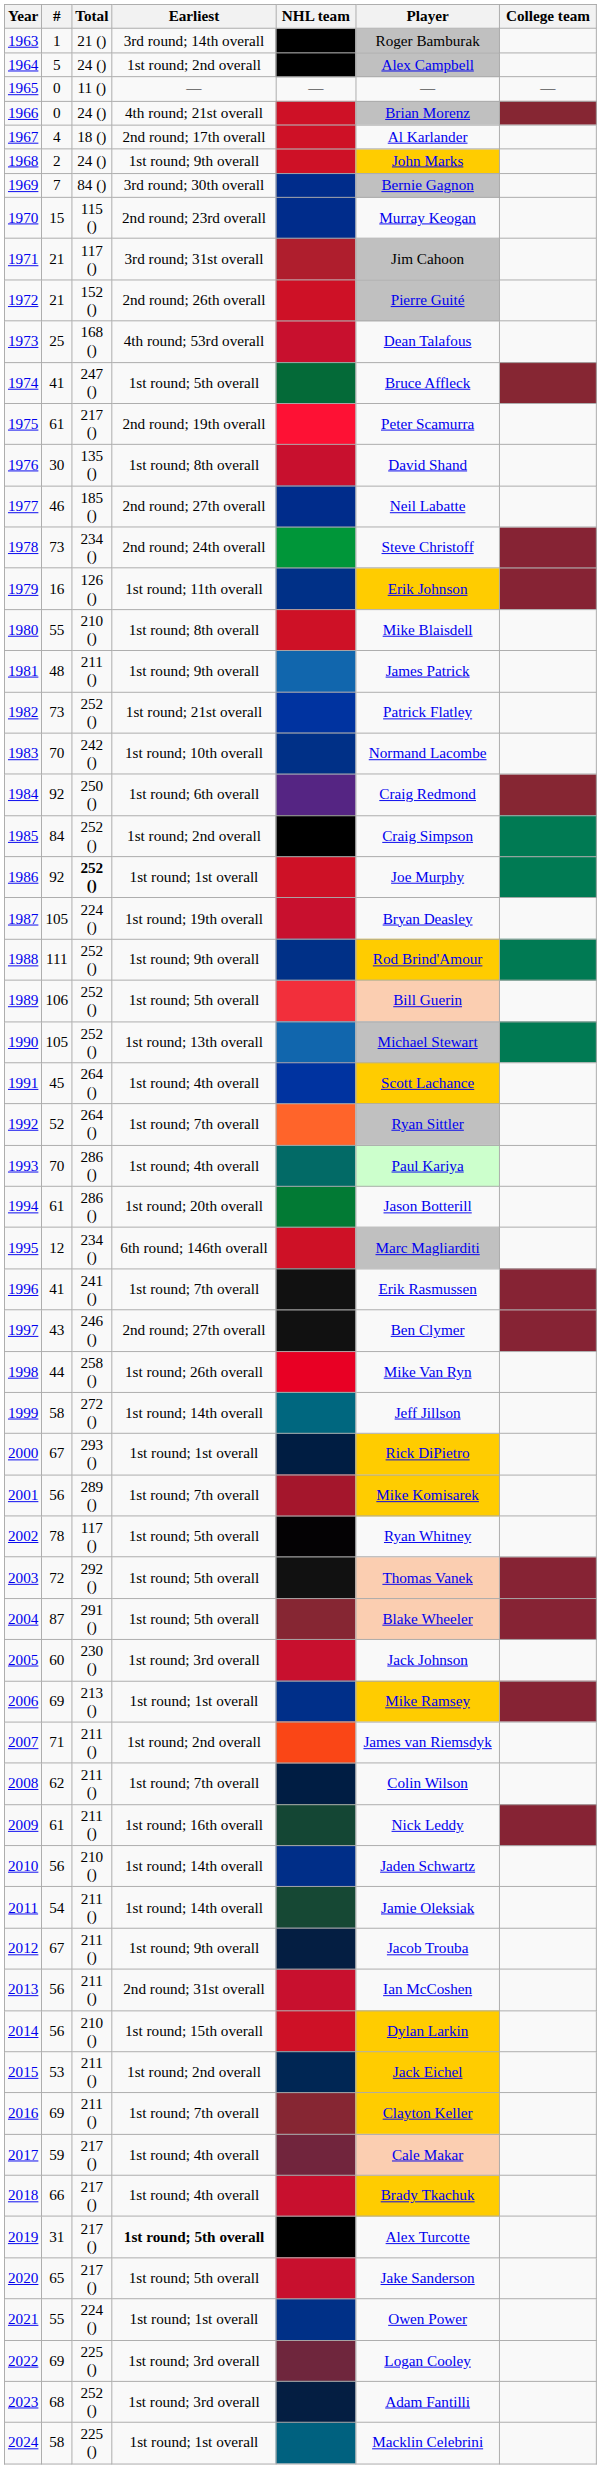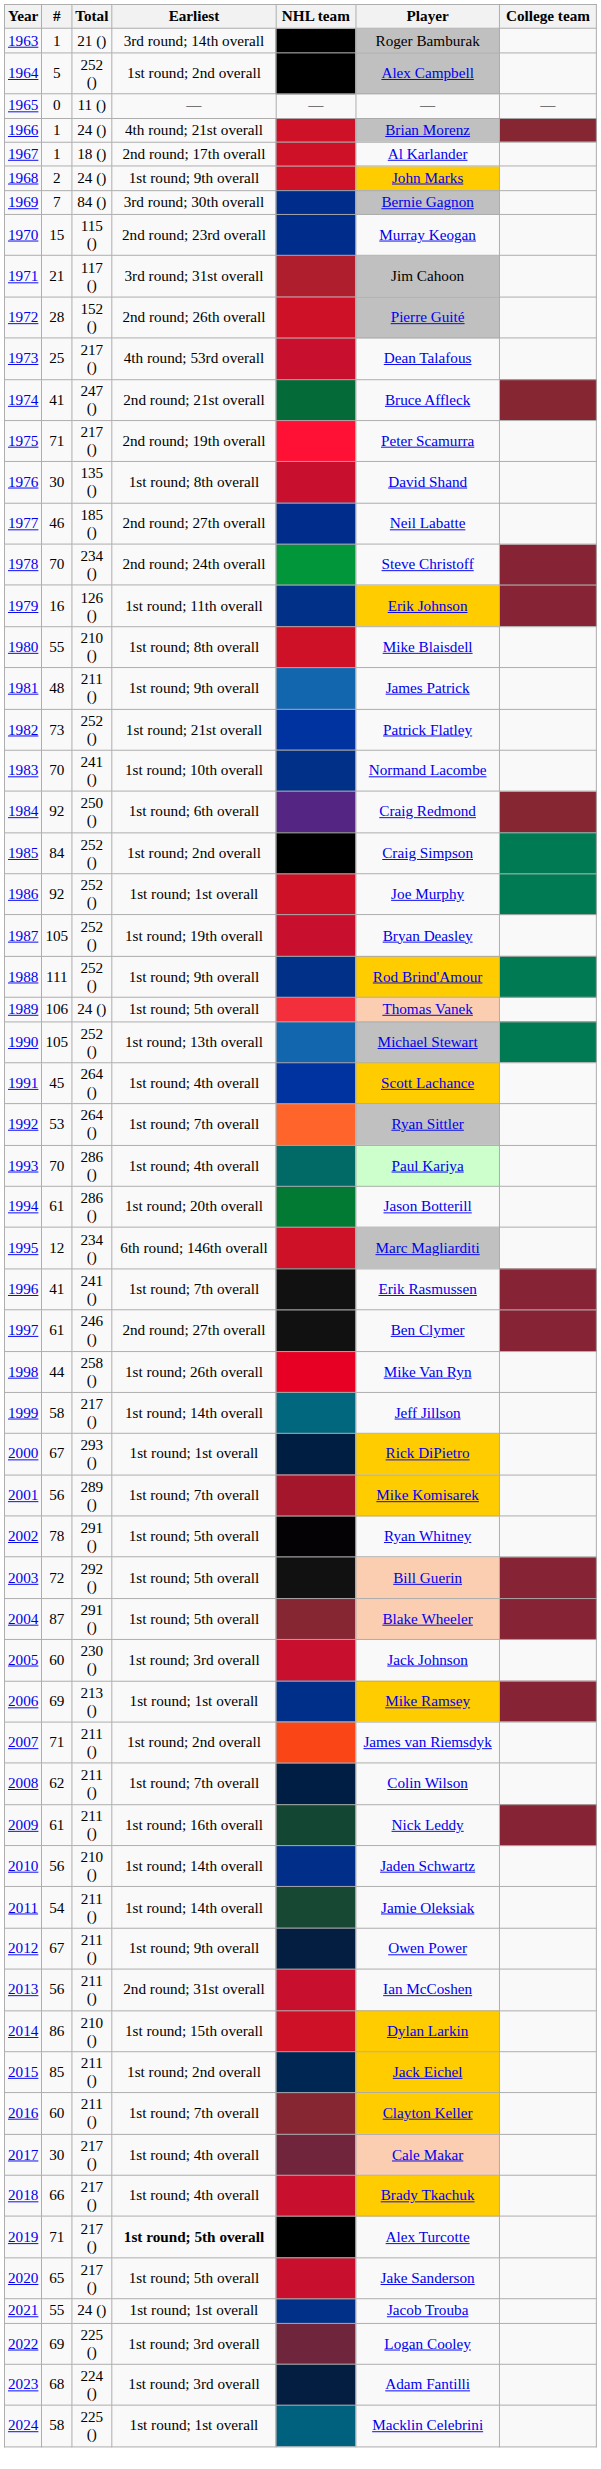 <table class="sortable wikitable" width =100%>
 <tr>
 <th width="5%">Year</th>
 <th width="5%">#</th>
 <th width="5%">Total</th>
 <th>Earliest</th>
 <th>NHL team</th>
 <th>Player</th>
 <th>College team</th>
 </tr>
 <tr align=center>
 <td><a href='#'>1963</a></td>
 <td>1</td>
 <td>21 ()</td>
 <td>3rd round; 14th overall</td>
 <td style="color:white; background:#000000; "><a href='#'></a></td>
 <td bgcolor=C0C0C0>Roger Bamburak</td>
 <td><strong><a href='#'></a></strong></td>
 </tr>
 <tr align=center>
 <td><a href='#'>1964</a></td>
 <td>5</td>
-<td>24 ()</td>
+<td>252 ()</td>
 <td>1st round; 2nd overall</td>
 <td style="color:white; background:#000000; "><a href='#'></a></td>
 <td bgcolor=C0C0C0><a href='#'>Alex Campbell</a></td>
 <td><strong><a href='#'></a></strong></td>
 </tr>
 <tr align=center>
 <td><a href='#'>1965</a></td>
 <td>0</td>
 <td>11 ()</td>
 <td>—</td>
 <td>—</td>
 <td>—</td>
 <td>—</td>
 </tr>
 <tr align=center>
 <td><a href='#'>1966</a></td>
-<td>0</td>
+<td>1</td>
 <td>24 ()</td>
 <td>4th round; 21st overall</td>
 <td style="color:white; background:#CE1126; "><a href='#'></a></td>
 <td bgcolor=C0C0C0><a href='#'>Brian Morenz</a></td>
 <td style="color:white; background:#862633; "><strong><a href='#'></a></strong></td>
 </tr>
 <tr align=center>
 <td><a href='#'>1967</a></td>
-<td>4</td>
+<td>1</td>
 <td>18 ()</td>
 <td>2nd round; 17th overall</td>
 <td style="color:white; background:#CE1126"><a href='#'></a></td>
 <td><a href='#'>Al Karlander</a></td>
 <td><strong><a href='#'></a></strong></td>
 </tr>
 <tr align=center>
 <td><a href='#'>1968</a></td>
 <td>2</td>
 <td>24 ()</td>
 <td>1st round; 9th overall</td>
 <td style="color:white; background:#CE1126; "><a href='#'></a></td>
 <td bgcolor=FFCC00><a href='#'>John Marks</a></td>
 <td><strong><a href='#'></a></strong></td>
 </tr>
 <tr align=center>
 <td><a href='#'>1969</a></td>
 <td>7</td>
 <td>84 ()</td>
 <td>3rd round; 30th overall</td>
 <td style="color:white; background:#002c8b; "><a href='#'></a></td>
 <td bgcolor=C0C0C0><a href='#'>Bernie Gagnon</a></td>
 <td><strong><a href='#'></a></strong></td>
 </tr>
 <tr align=center>
 <td><a href='#'>1970</a></td>
 <td>15</td>
 <td>115 ()</td>
 <td>2nd round; 23rd overall</td>
 <td style="color:white; background:#002c8b; "><a href='#'></a></td>
 <td><a href='#'>Murray Keogan</a></td>
 <td><strong><a href='#'></a></strong></td>
 </tr>
 <tr align=center>
 <td><a href='#'>1971</a></td>
 <td>21</td>
 <td>117 ()</td>
 <td>3rd round; 31st overall</td>
 <td style="color:white; background:#AF1E2D; "><a href='#'></a></td>
 <td bgcolor=C0C0C0>Jim Cahoon</td>
 <td><strong><a href='#'></a></strong></td>
 </tr>
 <tr align=center>
 <td><a href='#'>1972</a></td>
-<td>21</td>
+<td>28</td>
 <td>152 ()</td>
 <td>2nd round; 26th overall</td>
 <td style="color:white; background:#CE1126"><a href='#'></a></td>
 <td bgcolor=C0C0C0><a href='#'>Pierre Guité</a></td>
 <td><strong><a href='#'></a></strong></td>
 </tr>
 <tr align=center>
 <td><a href='#'>1973</a></td>
 <td>25</td>
-<td>168 ()</td>
+<td>217 ()</td>
 <td>4th round; 53rd overall</td>
 <td style="color:white; background:#C8102E; "><a href='#'></a></td>
 <td><a href='#'>Dean Talafous</a></td>
 <td><strong><a href='#'></a></strong></td>
 </tr>
 <tr align=center>
 <td><a href='#'>1974</a></td>
 <td>41</td>
 <td>247 ()</td>
-<td>1st round; 5th overall</td>
+<td>2nd round; 21st overall</td>
 <td style="color:white; background:#046A38; "><a href='#'></a></td>
 <td><a href='#'>Bruce Affleck</a></td>
 <td style="color:white; background:#862633; "><strong><a href='#'></a></strong></td>
 </tr>
 <tr align=center>
 <td><a href='#'>1975</a></td>
-<td>61</td>
+<td>71</td>
 <td>217 ()</td>
 <td>2nd round; 19th overall</td>
 <td style="color:white; background:#fe1134; "><a href='#'></a></td>
 <td><a href='#'>Peter Scamurra</a></td>
 <td><strong><a href='#'></a></strong></td>
 </tr>
 <tr align=center>
 <td><a href='#'>1976</a></td>
 <td>30</td>
 <td>135 ()</td>
 <td>1st round; 8th overall</td>
 <td style="color:white; background:#C8102E; "><a href='#'></a></td>
 <td><a href='#'>David Shand</a></td>
 <td><strong><a href='#'></a></strong></td>
 </tr>
 <tr align=center>
 <td><a href='#'>1977</a></td>
 <td>46</td>
 <td>185 ()</td>
 <td>2nd round; 27th overall</td>
 <td style="color:white; background:#002c8b; "><a href='#'></a></td>
 <td><a href='#'>Neil Labatte</a></td>
 <td><strong><a href='#'></a></strong></td>
 </tr>
 <tr align=center>
 <td><a href='#'>1978</a></td>
-<td>73</td>
+<td>70</td>
 <td>234 ()</td>
 <td>2nd round; 24th overall</td>
 <td style="color:white; background:#009639; "><a href='#'></a></td>
 <td><a href='#'>Steve Christoff</a></td>
 <td style="color:white; background:#862334; "><strong><a href='#'></a></strong></td>
 </tr>
 <tr align=center>
 <td><a href='#'>1979</a></td>
 <td>16</td>
 <td>126 ()</td>
 <td>1st round; 11th overall</td>
 <td style="color:white; background:#003087; "><a href='#'></a></td>
 <td bgcolor=FFCC00><a href='#'>Erik Johnson</a></td>
 <td style="color:white; background:#862334; "><strong><a href='#'></a></strong></td>
 </tr>
 <tr align=center>
 <td><a href='#'>1980</a></td>
 <td>55</td>
 <td>210 ()</td>
 <td>1st round; 8th overall</td>
 <td style="color:white; background:#CE1126"><a href='#'></a></td>
 <td><a href='#'>Mike Blaisdell</a></td>
 <td><strong><a href='#'></a></strong></td>
 </tr>
 <tr align=center>
 <td><a href='#'>1981</a></td>
 <td>48</td>
 <td>211 ()</td>
 <td>1st round; 9th overall</td>
 <td style="color:white; background:#1166ad; "><a href='#'></a></td>
 <td><a href='#'>James Patrick</a></td>
 <td><strong><a href='#'></a></strong></td>
 </tr>
 <tr align=center>
 <td><a href='#'>1982</a></td>
 <td>73</td>
 <td>252 ()</td>
 <td>1st round; 21st overall</td>
 <td style="color:white; background:#0033a0; "><a href='#'></a></td>
 <td><a href='#'>Patrick Flatley</a></td>
 <td><strong><a href='#'></a></strong></td>
 </tr>
 <tr align=center>
 <td><a href='#'>1983</a></td>
 <td>70</td>
-<td>242 ()</td>
+<td>241 ()</td>
 <td>1st round; 10th overall</td>
 <td style="color:white; background:#003087; "><a href='#'></a></td>
 <td><a href='#'>Normand Lacombe</a></td>
 <td><strong><a href='#'></a></strong></td>
 </tr>
 <tr align=center>
 <td><a href='#'>1984</a></td>
 <td>92</td>
 <td>250 ()</td>
 <td>1st round; 6th overall</td>
 <td style="color:white; background:#552583; "><a href='#'></a></td>
 <td><a href='#'>Craig Redmond</a></td>
 <td style="color:white; background:#862633; "><strong><a href='#'></a></strong></td>
 </tr>
 <tr align=center>
 <td><a href='#'>1985</a></td>
 <td>84</td>
 <td>252 ()</td>
 <td>1st round; 2nd overall</td>
 <td style="color:white; background:#000000; "><a href='#'></a></td>
 <td><a href='#'>Craig Simpson</a></td>
 <td style="color:white; background:#007A53"><strong><a href='#'></a></strong></td>
 </tr>
 <tr align=center>
 <td><a href='#'>1986</a></td>
 <td>92</td>
-<td><strong>252 ()</strong></td>
+<td>252 ()</td>
 <td>1st round; 1st overall</td>
 <td style="color:white; background:#CE1126"><a href='#'></a></td>
 <td><a href='#'>Joe Murphy</a></td>
 <td style="color:white; background:#007A53"><strong><a href='#'></a></strong></td>
 </tr>
 <tr align=center>
 <td><a href='#'>1987</a></td>
 <td>105</td>
-<td>224 ()</td>
+<td>252 ()</td>
 <td>1st round; 19th overall</td>
 <td style="color:white; background:#C8102E; "><a href='#'></a></td>
 <td><a href='#'>Bryan Deasley</a></td>
 <td><strong><a href='#'></a></strong></td>
 </tr>
 <tr align=center>
 <td><a href='#'>1988</a></td>
 <td>111</td>
 <td>252 ()</td>
 <td>1st round; 9th overall</td>
 <td style="color:white; background:#003087; "><a href='#'></a></td>
 <td bgcolor=FFCC00><a href='#'>Rod Brind'Amour</a></td>
 <td style="color:white; background:#007A53"><strong><a href='#'></a></strong></td>
 </tr>
 <tr align=center>
 <td><a href='#'>1989</a></td>
 <td>106</td>
-<td>252 ()</td>
+<td>24 ()</td>
 <td>1st round; 5th overall</td>
 <td style="color:white; background:#f22f3b; "><a href='#'></a></td>
-<td bgcolor=FBCEB1><a href='#'>Bill Guerin</a></td>
+<td bgcolor=FBCEB1><a href='#'>Thomas Vanek</a></td>
 <td><strong><a href='#'></a></strong></td>
 </tr>
 <tr align=center>
 <td><a href='#'>1990</a></td>
 <td>105</td>
 <td>252 ()</td>
 <td>1st round; 13th overall</td>
 <td style="color:white; background:#1166ad; "><a href='#'></a></td>
 <td bgcolor=C0C0C0><a href='#'>Michael Stewart</a></td>
 <td style="color:white; background:#007A53"><strong><a href='#'></a></strong></td>
 </tr>
 <tr align=center>
 <td><a href='#'>1991</a></td>
 <td>45</td>
 <td>264 ()</td>
 <td>1st round; 4th overall</td>
 <td style="color:white; background:#0033a0; "><a href='#'></a></td>
 <td bgcolor=FFCC00><a href='#'>Scott Lachance</a></td>
 <td><strong><a href='#'></a></strong></td>
 </tr>
 <tr align=center>
 <td><a href='#'>1992</a></td>
-<td>52</td>
+<td>53</td>
 <td>264 ()</td>
 <td>1st round; 7th overall</td>
 <td style="color:white; background:#ff642a; "><a href='#'></a></td>
 <td bgcolor=C0C0C0><a href='#'>Ryan Sittler</a></td>
 <td><strong><a href='#'></a></strong></td>
 </tr>
 <tr align=center>
 <td><a href='#'>1993</a></td>
 <td>70</td>
 <td>286 ()</td>
 <td>1st round; 4th overall</td>
 <td style="color:white; background:#026a66; "><a href='#'></a></td>
 <td bgcolor=CCFFCC><a href='#'>Paul Kariya</a></td>
 <td><strong><a href='#'></a></strong></td>
 </tr>
 <tr align=center>
 <td><a href='#'>1994</a></td>
 <td>61</td>
 <td>286 ()</td>
 <td>1st round; 20th overall</td>
 <td style="color:white; background:#027a34; "><a href='#'></a></td>
 <td><a href='#'>Jason Botterill</a></td>
 <td><strong><a href='#'></a></strong></td>
 </tr>
 <tr align=center>
 <td><a href='#'>1995</a></td>
 <td>12</td>
 <td>234 ()</td>
 <td>6th round; 146th overall</td>
 <td style="color:white; background:#CE1126; "><a href='#'></a></td>
 <td bgcolor=C0C0C0><a href='#'>Marc Magliarditi</a></td>
 <td><strong><a href='#'></a></strong></td>
 </tr>
 <tr align=center>
 <td><a href='#'>1996</a></td>
 <td>41</td>
 <td>241 ()</td>
 <td>1st round; 7th overall</td>
 <td style="color:white; background:#111111; "><a href='#'></a></td>
 <td><a href='#'>Erik Rasmussen</a></td>
 <td style="color:white; background:#862334; "><strong><a href='#'></a></strong></td>
 </tr>
 <tr align=center>
 <td><a href='#'>1997</a></td>
-<td>43</td>
+<td>61</td>
 <td>246 ()</td>
 <td>2nd round; 27th overall</td>
 <td style="color:white; background:#111111; "><a href='#'></a></td>
 <td><a href='#'>Ben Clymer</a></td>
 <td style="color:white; background:#862334; "><strong><a href='#'></a></strong></td>
 </tr>
 <tr align=center>
 <td><a href='#'>1998</a></td>
 <td>44</td>
 <td>258 ()</td>
 <td>1st round; 26th overall</td>
 <td style="color:white; background:#e80024; "><a href='#'></a></td>
 <td><a href='#'>Mike Van Ryn</a></td>
 <td><strong><a href='#'></a></strong></td>
 </tr>
 <tr align=center>
 <td><a href='#'>1999</a></td>
 <td>58</td>
-<td>272 ()</td>
+<td>217 ()</td>
 <td>1st round; 14th overall</td>
 <td style="color:white; background:#00677f; "><a href='#'></a></td>
 <td><a href='#'>Jeff Jillson</a></td>
 <td><strong><a href='#'></a></strong></td>
 </tr>
 <tr align=center>
 <td><a href='#'>2000</a></td>
 <td>67</td>
 <td>293 ()</td>
 <td>1st round; 1st overall</td>
 <td style="color:white; background:#001d42; "><a href='#'></a></td>
 <td bgcolor=FFCC00><a href='#'>Rick DiPietro</a></td>
 <td><strong><a href='#'></a></strong></td>
 </tr>
 <tr align=center>
 <td><a href='#'>2001</a></td>
 <td>56</td>
 <td>289 ()</td>
 <td>1st round; 7th overall</td>
 <td style="color:white; background:#a4162c; "><a href='#'></a></td>
 <td bgcolor=FFCC00><a href='#'>Mike Komisarek</a></td>
 <td><strong><a href='#'></a></strong></td>
 </tr>
 <tr align=center>
 <td><a href='#'>2002</a></td>
 <td>78</td>
-<td>117 ()</td>
+<td>291 ()</td>
 <td>1st round; 5th overall</td>
 <td style="color:white; background:#040204; "><a href='#'></a></td>
 <td><a href='#'>Ryan Whitney</a></td>
 <td><strong><a href='#'></a></strong></td>
 </tr>
 <tr align=center>
 <td><a href='#'>2003</a></td>
 <td>72</td>
 <td>292 ()</td>
 <td>1st round; 5th overall</td>
 <td style="color:white; background:#111111; "><a href='#'></a></td>
-<td bgcolor=FBCEB1><a href='#'>Thomas Vanek</a></td>
+<td bgcolor=FBCEB1><a href='#'>Bill Guerin</a></td>
 <td style="color:white; background:#862334; "><strong><a href='#'></a></strong></td>
 </tr>
 <tr align=center>
 <td><a href='#'>2004</a></td>
 <td>87</td>
 <td>291 ()</td>
 <td>1st round; 5th overall</td>
 <td style="color:white; background:#862633; "><a href='#'></a></td>
 <td bgcolor=FBCEB1><a href='#'>Blake Wheeler</a></td>
 <td style="color:white; background:#862334; "><strong><a href='#'></a></strong></td>
 </tr>
 <tr align=center>
 <td><a href='#'>2005</a></td>
 <td>60</td>
 <td>230 ()</td>
 <td>1st round; 3rd overall</td>
 <td style="color:white; background:#c8102e; "><a href='#'></a></td>
 <td><a href='#'>Jack Johnson</a></td>
 <td><strong><a href='#'></a></strong></td>
 </tr>
 <tr align=center>
 <td><a href='#'>2006</a></td>
 <td>69</td>
 <td>213 ()</td>
 <td>1st round; 1st overall</td>
 <td style="color:white; background:#002f89; "><a href='#'></a></td>
 <td bgcolor=FFCC00><a href='#'>Mike Ramsey</a></td>
 <td style="color:white; background:#862334; "><strong><a href='#'></a></strong></td>
 </tr>
 <tr align=center>
 <td><a href='#'>2007</a></td>
 <td>71</td>
 <td>211 ()</td>
 <td>1st round; 2nd overall</td>
 <td style="color:white; background:#fa4616; "><a href='#'></a></td>
 <td><a href='#'>James van Riemsdyk</a></td>
 <td><strong><a href='#'></a></strong></td>
 </tr>
 <tr align=center>
 <td><a href='#'>2008</a></td>
 <td>62</td>
 <td>211 ()</td>
 <td>1st round; 7th overall</td>
 <td style="color:white; background:#001d43; "><a href='#'></a></td>
 <td><a href='#'>Colin Wilson</a></td>
 <td><strong><a href='#'></a></strong></td>
 </tr>
 <tr align=center>
 <td><a href='#'>2009</a></td>
 <td>61</td>
 <td>211 ()</td>
 <td>1st round; 16th overall</td>
 <td style="color:white; background:#144634; "><a href='#'></a></td>
 <td><a href='#'>Nick Leddy</a></td>
 <td style="color:white; background:#862334; "><strong><a href='#'></a></strong></td>
 </tr>
 <tr align=center>
 <td><a href='#'>2010</a></td>
 <td>56</td>
 <td>210 ()</td>
 <td>1st round; 14th overall</td>
 <td style="color:white; background:#002e88; "><a href='#'></a></td>
 <td><a href='#'>Jaden Schwartz</a></td>
 <td><strong><a href='#'></a></strong></td>
 </tr>
 <tr align=center>
 <td><a href='#'>2011</a></td>
 <td>54</td>
 <td>211 ()</td>
 <td>1st round; 14th overall</td>
 <td style="color:white; background:#164834; "><a href='#'></a></td>
 <td><a href='#'>Jamie Oleksiak</a></td>
 <td><strong><a href='#'></a></strong></td>
 </tr>
 <tr align=center>
 <td><a href='#'>2012</a></td>
 <td>67</td>
 <td>211 ()</td>
 <td>1st round; 9th overall</td>
 <td style="color:white; background:#041E42; "><a href='#'></a></td>
-<td><a href='#'>Jacob Trouba</a></td>
+<td><a href='#'>Owen Power</a></td>
 <td><strong><a href='#'></a></strong></td>
 </tr>
 <tr align=center>
 <td><a href='#'>2013</a></td>
 <td>56</td>
 <td>211 ()</td>
 <td>2nd round; 31st overall</td>
 <td style="color:white; background:#c8102e; "><a href='#'></a></td>
 <td><a href='#'>Ian McCoshen</a></td>
 <td><strong><a href='#'></a></strong></td>
 </tr>
 <tr align=center>
 <td><a href='#'>2014</a></td>
-<td>56</td>
+<td>86</td>
 <td>210 ()</td>
 <td>1st round; 15th overall</td>
 <td style="color:white; background:#CE1126"><a href='#'></a></td>
 <td bgcolor=FFCC00><a href='#'>Dylan Larkin</a></td>
 <td><strong><a href='#'></a></strong></td>
 </tr>
 <tr align=center>
 <td><a href='#'>2015</a></td>
-<td>53</td>
+<td>85</td>
 <td>211 ()</td>
 <td>1st round; 2nd overall</td>
 <td style="color:white; background:#002654; "><a href='#'></a></td>
 <td bgcolor=FFCC00><a href='#'>Jack Eichel</a></td>
 <td><strong><a href='#'></a></strong></td>
 </tr>
 <tr align=center>
 <td><a href='#'>2016</a></td>
-<td>69</td>
+<td>60</td>
 <td>211 ()</td>
 <td>1st round; 7th overall</td>
 <td style="color:white; background:#862633; "><a href='#'></a></td>
 <td bgcolor=FFCC00><a href='#'>Clayton Keller</a></td>
 <td><strong><a href='#'></a></strong></td>
 </tr>
 <tr align=center>
 <td><a href='#'>2017</a></td>
-<td>59</td>
+<td>30</td>
 <td>217 ()</td>
 <td>1st round; 4th overall</td>
 <td style="color:white; background:#71253d; "><a href='#'></a></td>
 <td bgcolor=FBCEB1><a href='#'>Cale Makar</a></td>
 <td><strong><a href='#'></a></strong></td>
 </tr>
 <tr align=center>
 <td><a href='#'>2018</a></td>
 <td>66</td>
 <td>217 ()</td>
 <td>1st round; 4th overall</td>
 <td style="color:white; background:#c8102e; "><a href='#'></a></td>
 <td bgcolor=FFCC00><a href='#'>Brady Tkachuk</a></td>
 <td><strong><a href='#'></a></strong></td>
 </tr>
 <tr align=center>
 <td><a href='#'>2019</a></td>
-<td>31</td>
+<td>71</td>
 <td>217 ()</td>
 <td><strong>1st round; 5th overall</strong></td>
 <td style="color:white; background:#000000; "><a href='#'></a></td>
 <td><a href='#'>Alex Turcotte</a></td>
 <td><strong><a href='#'></a></strong></td>
 </tr>
 <tr align=center>
 <td><a href='#'>2020</a></td>
 <td>65</td>
 <td>217 ()</td>
 <td>1st round; 5th overall</td>
 <td style="color:white; background:#c8102e; "><a href='#'></a></td>
 <td><a href='#'>Jake Sanderson</a></td>
 <td><strong><a href='#'></a></strong></td>
 </tr>
 <tr align=center>
 <td><a href='#'>2021</a></td>
 <td>55</td>
-<td>224 ()</td>
+<td>24 ()</td>
 <td>1st round; 1st overall</td>
 <td style="color:white; background:#003087; "><a href='#'></a></td>
-<td><a href='#'>Owen Power</a></td>
+<td><a href='#'>Jacob Trouba</a></td>
 <td><strong><a href='#'></a></strong></td>
 </tr>
 <tr align=center>
 <td><a href='#'>2022</a></td>
 <td>69</td>
 <td>225 ()</td>
 <td>1st round; 3rd overall</td>
 <td style="color:white; background:#6f263d; "><a href='#'></a></td>
 <td><a href='#'>Logan Cooley</a></td>
 <td><strong><a href='#'></a></strong></td>
 </tr>
 <tr align=center>
 <td><a href='#'>2023</a></td>
 <td>68</td>
-<td>252 ()</td>
+<td>224 ()</td>
 <td>1st round; 3rd overall</td>
 <td style="color:white; background:#041E42; "><a href='#'></a></td>
 <td><a href='#'>Adam Fantilli</a></td>
 <td><strong><a href='#'></a></strong></td>
 </tr>
 <tr align=center>
 <td><a href='#'>2024</a></td>
 <td>58</td>
 <td>225 ()</td>
 <td>1st round; 1st overall</td>
 <td style="color:white; background:#00617F; "><a href='#'></a></td>
 <td><a href='#'>Macklin Celebrini</a></td>
 <td><strong><a href='#'></a></strong></td>
 </tr>
 </table>
